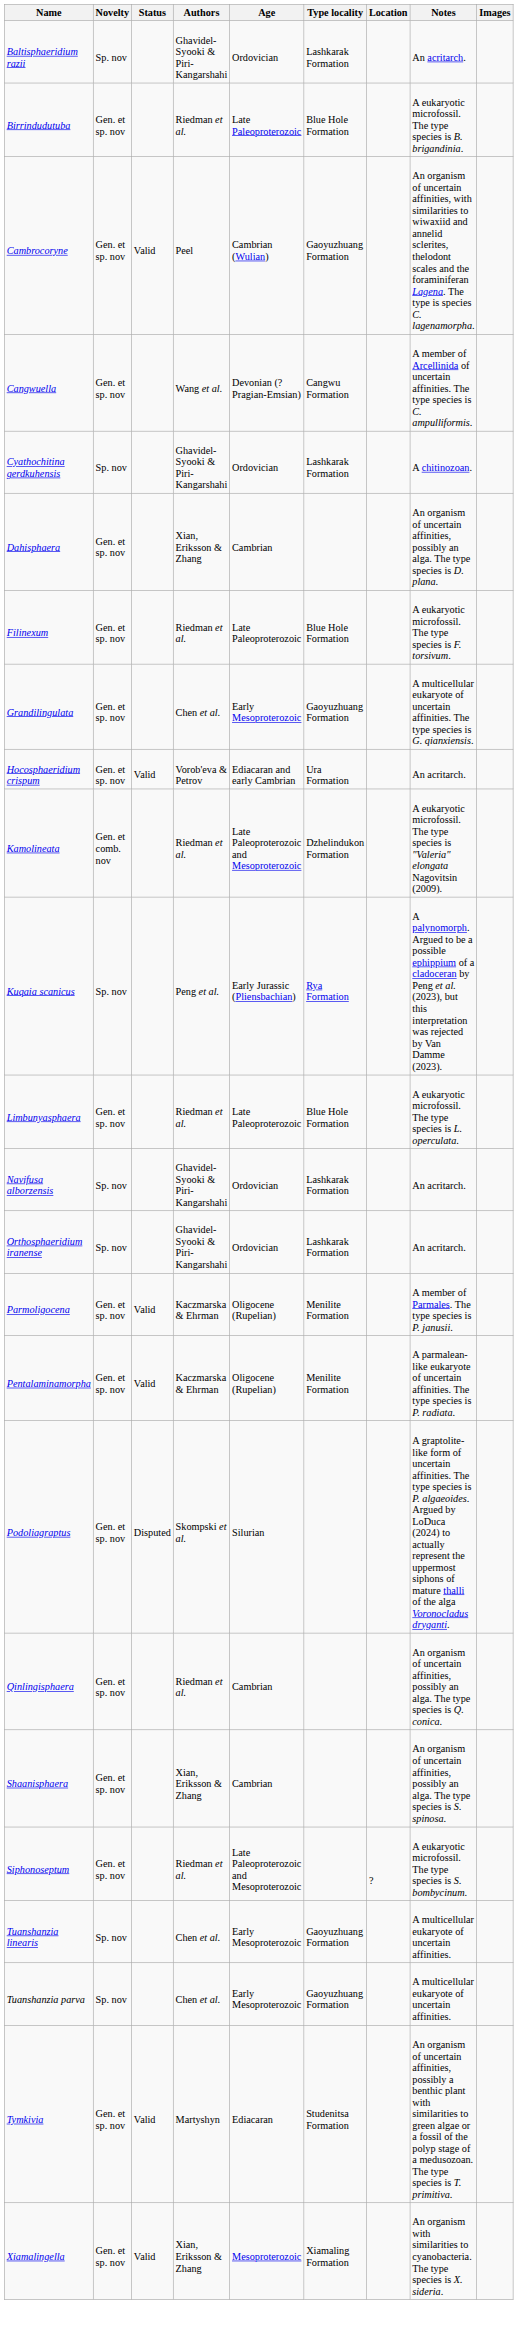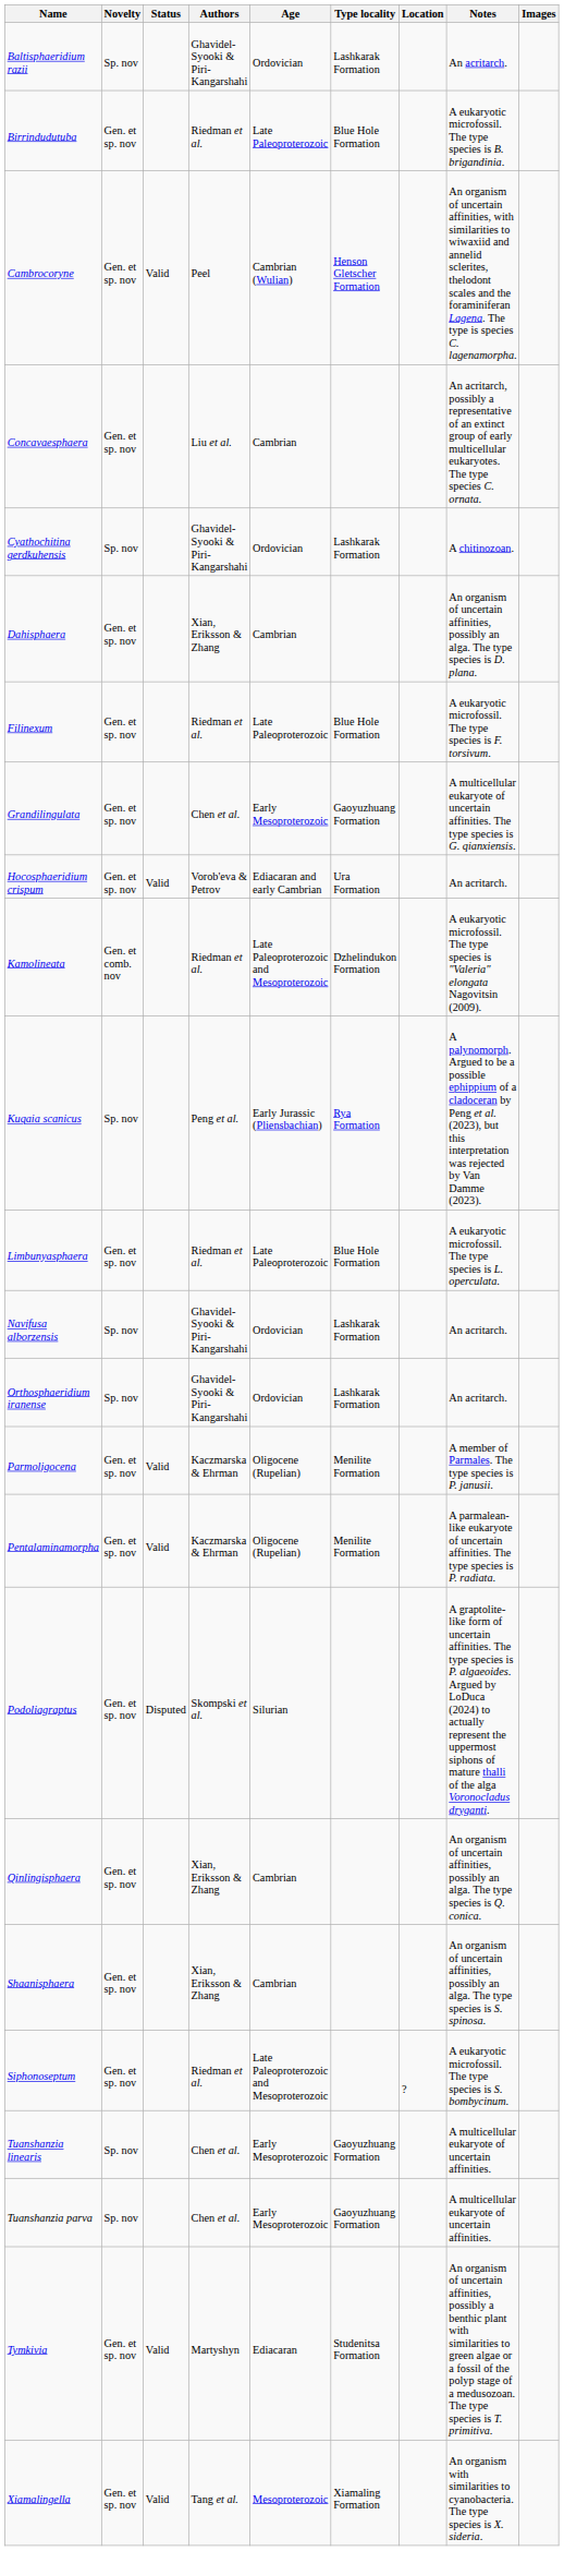 <table class="wikitable sortable" align="center" width="100%">
 <tr>
 <th>Name</th>
 <th>Novelty</th>
 <th>Status</th>
 <th>Authors</th>
 <th>Age</th>
 <th>Type locality</th>
 <th>Location</th>
 <th>Notes</th>
 <th>Images</th>
 </tr>
 <tr>
 <td><br><em><a href='#'>Baltisphaeridium razii</a></em></td>
 <td><br>Sp. nov</td>
 <td></td>
 <td><br>Ghavidel-Syooki & Piri-Kangarshahi</td>
 <td><br>Ordovician</td>
 <td><br>Lashkarak Formation</td>
 <td><br></td>
 <td><br>An <a href='#'>acritarch</a>.</td>
 <td></td>
 </tr>
 <tr>
 <td><br><em><a href='#'>Birrindudutuba</a></em></td>
 <td><br>Gen. et sp. nov</td>
 <td></td>
 <td><br>Riedman <em>et al.</em></td>
 <td><br>Late <a href='#'>Paleoproterozoic</a></td>
 <td><br>Blue Hole Formation</td>
 <td><br></td>
 <td><br>A eukaryotic microfossil. The type species is <em>B. brigandinia</em>.</td>
 <td></td>
 </tr>
 <tr>
 <td><br><em><a href='#'>Cambrocoryne</a></em></td>
 <td><br>Gen. et sp. nov</td>
 <td><br>Valid</td>
 <td><br>Peel</td>
 <td><br>Cambrian (<a href='#'>Wulian</a>)</td>
-<td><br>Gaoyuzhuang Formation</td>
+<td><br><a href='#'>Henson Gletscher Formation</a></td>
 <td><br></td>
 <td><br>An organism of uncertain affinities, with similarities to wiwaxiid and annelid sclerites, thelodont scales and the foraminiferan <em><a href='#'>Lagena</a></em>. The type is species <em>C. lagenamorpha</em>.</td>
 <td></td>
 </tr>
 <tr>
-<td><br><em><a href='#'>Cangwuella</a></em></td>
+<td><br><em><a href='#'>Concavaesphaera</a></em></td>
 <td><br>Gen. et sp. nov</td>
 <td></td>
-<td><br>Wang <em>et al.</em></td>
-<td><br>Devonian (?Pragian-Emsian)</td>
-<td><br>Cangwu Formation</td>
+<td><br>Liu <em>et al.</em></td>
+<td><br>Cambrian</td>
+<td></td>
 <td><br></td>
-<td><br>A member of <a href='#'>Arcellinida</a> of uncertain affinities. The type species is <em>C. ampulliformis</em>.</td>
+<td><br>An acritarch, possibly a representative of an extinct group of early multicellular eukaryotes. The type species <em>C. ornata</em>.</td>
 <td></td>
 </tr>
 <tr>
 <td><br><em><a href='#'>Cyathochitina gerdkuhensis</a></em></td>
 <td><br>Sp. nov</td>
 <td></td>
 <td><br>Ghavidel-Syooki & Piri-Kangarshahi</td>
 <td><br>Ordovician</td>
 <td><br>Lashkarak Formation</td>
 <td><br></td>
 <td><br>A <a href='#'>chitinozoan</a>.</td>
 <td></td>
 </tr>
 <tr>
 <td><br><em><a href='#'>Dahisphaera</a></em></td>
 <td><br>Gen. et sp. nov</td>
 <td></td>
 <td><br>Xian, Eriksson & Zhang</td>
 <td><br>Cambrian</td>
 <td></td>
 <td><br><br> </td>
 <td><br>An organism of uncertain affinities, possibly an alga. The type species is <em>D. plana</em>.</td>
 <td></td>
 </tr>
 <tr>
 <td><br><em><a href='#'>Filinexum</a></em></td>
 <td><br>Gen. et sp. nov</td>
 <td></td>
 <td><br>Riedman <em>et al.</em></td>
 <td><br>Late Paleoproterozoic</td>
 <td><br>Blue Hole Formation</td>
 <td><br></td>
 <td><br>A eukaryotic microfossil. The type species is <em>F. torsivum</em>.</td>
 <td></td>
 </tr>
 <tr>
 <td><br><em><a href='#'>Grandilingulata</a></em></td>
 <td><br>Gen. et sp. nov</td>
 <td></td>
 <td><br>Chen <em>et al.</em></td>
 <td><br>Early <a href='#'>Mesoproterozoic</a></td>
 <td><br>Gaoyuzhuang Formation</td>
 <td><br></td>
 <td><br>A multicellular eukaryote of uncertain affinities. The type species is <em>G. qianxiensis</em>.</td>
 <td></td>
 </tr>
 <tr>
 <td><br><em><a href='#'>Hocosphaeridium crispum</a></em></td>
 <td><br>Gen. et sp. nov</td>
 <td><br>Valid</td>
 <td><br>Vorob'eva & Petrov</td>
 <td><br>Ediacaran and early Cambrian</td>
 <td><br>Ura Formation</td>
 <td><br></td>
 <td><br>An acritarch.</td>
 <td></td>
 </tr>
 <tr>
 <td><br><em><a href='#'>Kamolineata</a></em></td>
 <td><br>Gen. et comb. nov</td>
 <td></td>
 <td><br>Riedman <em>et al.</em></td>
 <td><br>Late Paleoproterozoic and <a href='#'>Mesoproterozoic</a></td>
 <td><br>Dzhelindukon Formation</td>
 <td><br><br> <br> </td>
 <td><br>A eukaryotic microfossil. The type species is <em>"Valeria" elongata</em> Nagovitsin (2009).</td>
 <td></td>
 </tr>
 <tr>
 <td><br><em><a href='#'>Kuqaia scanicus</a></em></td>
 <td><br>Sp. nov</td>
 <td></td>
 <td><br>Peng <em>et al.</em></td>
 <td><br>Early Jurassic (<a href='#'>Pliensbachian</a>)</td>
 <td><br><a href='#'>Rya Formation</a></td>
 <td><br></td>
 <td><br>A <a href='#'>palynomorph</a>. Argued to be a possible <a href='#'>ephippium</a> of a <a href='#'>cladoceran</a> by Peng <em>et al.</em> (2023), but this interpretation was rejected by Van Damme (2023).</td>
 <td></td>
 </tr>
 <tr>
 <td><br><em><a href='#'>Limbunyasphaera</a></em></td>
 <td><br>Gen. et sp. nov</td>
 <td></td>
 <td><br>Riedman <em>et al.</em></td>
 <td><br>Late Paleoproterozoic</td>
 <td><br>Blue Hole Formation</td>
 <td><br></td>
 <td><br>A eukaryotic microfossil. The type species is <em>L. operculata</em>.</td>
 <td></td>
 </tr>
 <tr>
 <td><br><em><a href='#'>Navifusa alborzensis</a></em></td>
 <td><br>Sp. nov</td>
 <td></td>
 <td><br>Ghavidel-Syooki & Piri-Kangarshahi</td>
 <td><br>Ordovician</td>
 <td><br>Lashkarak Formation</td>
 <td><br></td>
 <td><br>An acritarch.</td>
 <td></td>
 </tr>
 <tr>
 <td><br><em><a href='#'>Orthosphaeridium iranense</a></em></td>
 <td><br>Sp. nov</td>
 <td></td>
 <td><br>Ghavidel-Syooki & Piri-Kangarshahi</td>
 <td><br>Ordovician</td>
 <td><br>Lashkarak Formation</td>
 <td><br></td>
 <td><br>An acritarch.</td>
 <td></td>
 </tr>
 <tr>
 <td><br><em><a href='#'>Parmoligocena</a></em></td>
 <td><br>Gen. et sp. nov</td>
 <td><br>Valid</td>
 <td><br>Kaczmarska & Ehrman</td>
 <td><br>Oligocene (Rupelian)</td>
 <td><br>Menilite Formation</td>
 <td><br></td>
 <td><br>A member of <a href='#'>Parmales</a>. The type species is <em>P. janusii</em>.</td>
 <td></td>
 </tr>
 <tr>
 <td><br><em><a href='#'>Pentalaminamorpha</a></em></td>
 <td><br>Gen. et sp. nov</td>
 <td><br>Valid</td>
 <td><br>Kaczmarska & Ehrman</td>
 <td><br>Oligocene (Rupelian)</td>
 <td><br>Menilite Formation</td>
 <td><br></td>
 <td><br>A parmalean-like eukaryote of uncertain affinities. The type species is <em>P. radiata</em>.</td>
 <td></td>
 </tr>
 <tr>
 <td><br><em><a href='#'>Podoliagraptus</a></em></td>
 <td><br>Gen. et sp. nov</td>
 <td><br>Disputed</td>
 <td><br>Skompski <em>et al.</em></td>
 <td><br>Silurian</td>
 <td></td>
 <td><br></td>
 <td><br>A graptolite-like form of uncertain affinities. The type species is <em>P. algaeoides</em>. Argued by LoDuca (2024) to actually represent the uppermost siphons of mature <a href='#'>thalli</a> of the alga <em><a href='#'>Voronocladus dryganti</a></em>.</td>
 <td></td>
 </tr>
 <tr>
 <td><br><em><a href='#'>Qinlingisphaera</a></em></td>
 <td><br>Gen. et sp. nov</td>
 <td></td>
-<td><br>Riedman <em>et al.</em></td>
+<td><br>Xian, Eriksson & Zhang</td>
 <td><br>Cambrian</td>
 <td></td>
 <td><br><br> </td>
 <td><br>An organism of uncertain affinities, possibly an alga. The type species is <em>Q. conica</em>.</td>
 <td></td>
 </tr>
 <tr>
 <td><br><em><a href='#'>Shaanisphaera</a></em></td>
 <td><br>Gen. et sp. nov</td>
 <td></td>
 <td><br>Xian, Eriksson & Zhang</td>
 <td><br>Cambrian</td>
 <td></td>
 <td><br><br> </td>
 <td><br>An organism of uncertain affinities, possibly an alga. The type species is <em>S. spinosa</em>.</td>
 <td></td>
 </tr>
 <tr>
 <td><br><em><a href='#'>Siphonoseptum</a></em></td>
 <td><br>Gen. et sp. nov</td>
 <td></td>
 <td><br>Riedman <em>et al.</em></td>
 <td><br>Late Paleoproterozoic and Mesoproterozoic</td>
 <td></td>
 <td><br><br> <br> ?</td>
 <td><br>A eukaryotic microfossil. The type species is <em>S. bombycinum</em>.</td>
 <td></td>
 </tr>
 <tr>
 <td><br><em><a href='#'>Tuanshanzia linearis</a></em></td>
 <td><br>Sp. nov</td>
 <td></td>
 <td><br>Chen <em>et al.</em></td>
 <td><br>Early Mesoproterozoic</td>
 <td><br>Gaoyuzhuang Formation</td>
 <td><br></td>
 <td><br>A multicellular eukaryote of uncertain affinities.</td>
 <td></td>
 </tr>
 <tr>
 <td><br><em>Tuanshanzia parva</em></td>
 <td><br>Sp. nov</td>
 <td></td>
 <td><br>Chen <em>et al.</em></td>
 <td><br>Early Mesoproterozoic</td>
 <td><br>Gaoyuzhuang Formation</td>
 <td><br></td>
 <td><br>A multicellular eukaryote of uncertain affinities.</td>
 <td></td>
 </tr>
 <tr>
 <td><br><em><a href='#'>Tymkivia</a></em></td>
 <td><br>Gen. et sp. nov</td>
 <td><br>Valid</td>
 <td><br>Martyshyn</td>
 <td><br>Ediacaran</td>
 <td><br>Studenitsa Formation</td>
 <td><br></td>
 <td><br>An organism of uncertain affinities, possibly a benthic plant with similarities to green algae or a fossil of the polyp stage of a medusozoan. The type species is <em>T. primitiva</em>.</td>
 <td></td>
 </tr>
 <tr>
 <td><br><em><a href='#'>Xiamalingella</a></em></td>
 <td><br>Gen. et sp. nov</td>
 <td><br>Valid</td>
-<td><br>Xian, Eriksson & Zhang</td>
+<td><br>Tang <em>et al.</em></td>
 <td><br><a href='#'>Mesoproterozoic</a></td>
 <td><br>Xiamaling Formation</td>
 <td><br></td>
 <td><br>An organism with similarities to cyanobacteria. The type species is <em>X. sideria</em>.</td>
 <td></td>
 </tr>
 </table>
